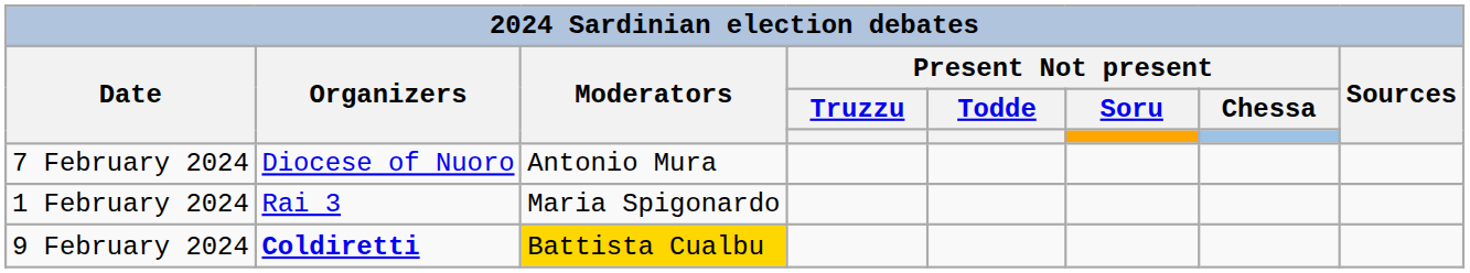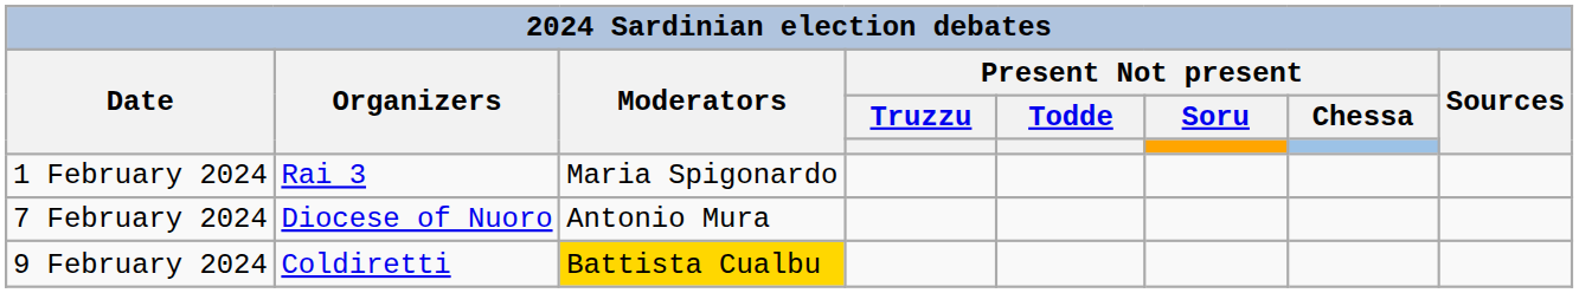 <table class="wikitable collapsible" style="font-size:85%;text-align:center;">
 <tr>
 <th style="background:#B0C4DE;" colspan="8">2024 Sardinian election debates</th>
 </tr>
 <tr>
 <th style="white-space:nowrap;" rowspan="3">Date</th>
 <th rowspan="3">Organizers</th>
 <th rowspan="3">Moderators</th>
 <th scope="col" colspan="4"> Present  Not present</th>
 <th rowspan="3">Sources</th>
 </tr>
 <tr>
 <th scope="col" style="width:60px;"><a href='#'>Truzzu</a></th>
 <th scope="col" style="width:60px;"><a href='#'>Todde</a></th>
 <th scope="col" style="width:60px;"><a href='#'>Soru</a></th>
 <th scope="col" style="width:60px;">Chessa</th>
 </tr>
 <tr>
 <th style="background:"></th>
 <th style="background:"></th>
 <th style="background:#FFA500;"></th>
 <th style="background:#9cc2e6;"></th>
 </tr>
 <tr>
+<td style="white-space:nowrap;text-align:left;">1 February 2024</td>
+<td style="white-space:nowrap;text-align:left;"><a href='#'>Rai 3</a></td>
+<td style="white-space:nowrap;text-align:left;">Maria Spigonardo</td>
+<td></td>
+<td></td>
+<td></td>
+<td></td>
+<td></td>
+</tr>
+<tr>
 <td style="white-space:nowrap;text-align:left;">7 February 2024</td>
 <td style="white-space:nowrap;text-align:left;"><a href='#'>Diocese of Nuoro</a></td>
 <td style="white-space:nowrap;text-align:left;">Antonio Mura</td>
 <td></td>
 <td></td>
 <td></td>
 <td></td>
 <td></td>
 </tr>
 <tr>
-<td style="white-space:nowrap;text-align:left;">1 February 2024</td>
-<td style="white-space:nowrap;text-align:left;"><a href='#'>Rai 3</a></td>
-<td style="white-space:nowrap;text-align:left;">Maria Spigonardo</td>
-<td></td>
-<td></td>
-<td></td>
-<td></td>
-<td></td>
-</tr>
-<tr>
 <td style="white-space:nowrap;text-align:left;">9 February 2024</td>
-<td style="white-space:nowrap;text-align:left;"><strong><a href='#'>Coldiretti</a></strong></td>
+<td style="white-space:nowrap;text-align:left;"><a href='#'>Coldiretti</a></td>
 <td style="background: gold; white-space:nowrap;text-align:left;">Battista Cualbu</td>
 <td></td>
 <td></td>
 <td></td>
 <td></td>
 <td></td>
 </tr>
 </table>
